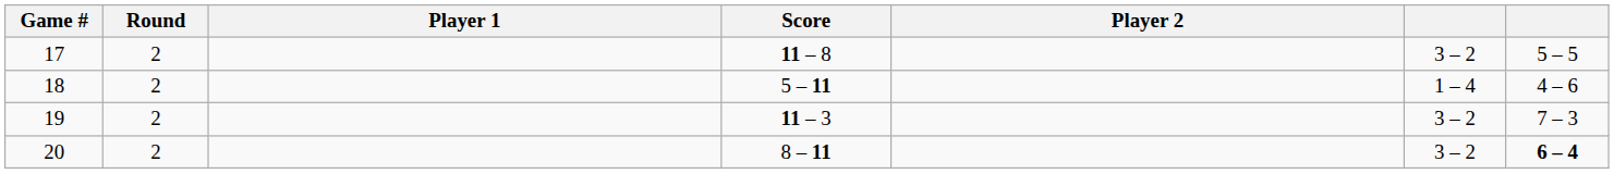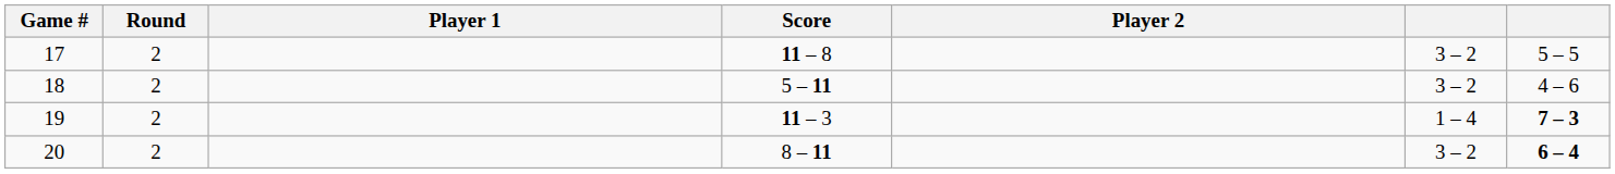 <table class="wikitable">
 <tr>
 <th width="2%">Game #</th>
 <th width="2%">Round</th>
 <th width="15%">Player 1</th>
 <th width="5%">Score</th>
 <th width="15%">Player 2</th>
 <th width="3%"></th>
 <th width="3%"></th>
 </tr>
 <tr style=text-align:center;"background:#;">
 <td>17</td>
 <td>2</td>
 <td></td>
 <td><strong>11</strong> – 8</td>
 <td><strong></strong></td>
 <td>3 – 2</td>
 <td>5 – 5</td>
 </tr>
 <tr style=text-align:center;"background:#;">
 <td>18</td>
 <td>2</td>
 <td></td>
 <td>5 – <strong>11</strong></td>
 <td><strong></strong></td>
-<td>1 – 4</td>
+<td>3 – 2</td>
 <td>4 – 6</td>
 </tr>
 <tr style=text-align:center;"background:#;">
 <td>19</td>
 <td>2</td>
 <td><strong></strong></td>
 <td><strong>11</strong> – 3</td>
 <td></td>
-<td>3 – 2</td>
-<td>7 – 3</td>
+<td>1 – 4</td>
+<td><strong>7 – 3</strong></td>
 </tr>
 <tr style=text-align:center;"background:#;">
 <td>20</td>
 <td>2</td>
 <td><strong></strong></td>
 <td>8 – <strong>11</strong></td>
 <td></td>
 <td>3 – 2</td>
 <td><strong>6 – 4</strong></td>
 </tr>
 </table>
